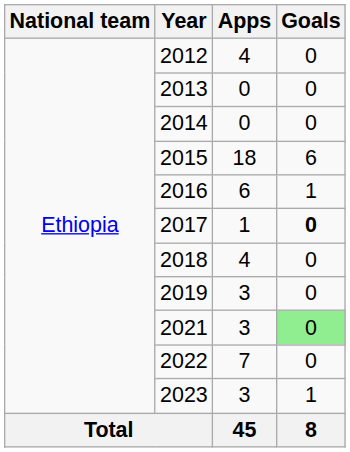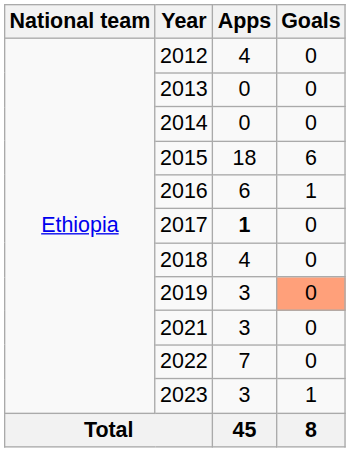 <table class="wikitable" style="text-align:center">
 <tr>
 <th>National team</th>
 <th>Year</th>
 <th>Apps</th>
 <th>Goals</th>
 </tr>
 <tr>
 <td rowspan="11"><a href='#'>Ethiopia</a></td>
 <td>2012</td>
 <td>4</td>
 <td>0</td>
 </tr>
 <tr>
 <td>2013</td>
 <td>0</td>
 <td>0</td>
 </tr>
 <tr>
 <td>2014</td>
 <td>0</td>
 <td>0</td>
 </tr>
 <tr>
 <td>2015</td>
 <td>18</td>
 <td>6</td>
 </tr>
 <tr>
 <td>2016</td>
 <td>6</td>
 <td>1</td>
 </tr>
 <tr>
 <td>2017</td>
-<td>1</td>
-<td><strong>0</strong></td>
+<td><strong>1</strong></td>
+<td>0</td>
 </tr>
 <tr>
 <td>2018</td>
 <td>4</td>
 <td>0</td>
 </tr>
 <tr>
 <td>2019</td>
 <td>3</td>
-<td>0</td>
+<td style="background: lightsalmon;">0</td>
 </tr>
 <tr>
 <td>2021</td>
 <td>3</td>
-<td style="background: lightgreen;">0</td>
+<td>0</td>
 </tr>
 <tr>
 <td>2022</td>
 <td>7</td>
 <td>0</td>
 </tr>
 <tr>
 <td>2023</td>
 <td>3</td>
 <td>1</td>
 </tr>
 <tr>
 <th colspan="2">Total</th>
 <th>45</th>
 <th>8</th>
 </tr>
 </table>
